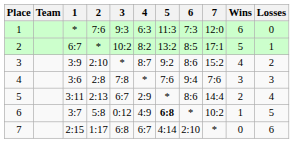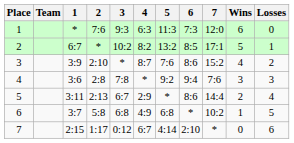 <table class="wikitable" style="text-align:center;">
 <tr>
 <th>Place</th>
 <th>Team</th>
 <th width="25">1</th>
 <th width="25">2</th>
 <th width="25">3</th>
 <th width="25">4</th>
 <th width="25">5</th>
 <th width="25">6</th>
 <th width="25">7</th>
 <th>Wins</th>
 <th>Losses</th>
 </tr>
 <tr bgcolor=#cfc>
 <td>1</td>
 <td align=left></td>
 <td>*</td>
 <td>7:6</td>
 <td>9:3</td>
 <td>6:3</td>
 <td>11:3</td>
 <td>7:3</td>
 <td>12:0</td>
 <td>6</td>
 <td>0</td>
 </tr>
 <tr bgcolor=#cfc>
 <td>2</td>
 <td align=left></td>
 <td>6:7</td>
 <td>*</td>
 <td>10:2</td>
 <td>8:2</td>
 <td>13:2</td>
 <td>8:5</td>
 <td>17:1</td>
 <td>5</td>
 <td>1</td>
 </tr>
 <tr>
 <td>3</td>
 <td align=left></td>
 <td>3:9</td>
 <td>2:10</td>
 <td>*</td>
 <td>8:7</td>
-<td>9:2</td>
+<td>7:6</td>
 <td>8:6</td>
 <td>15:2</td>
 <td>4</td>
 <td>2</td>
 </tr>
 <tr>
 <td>4</td>
 <td align=left></td>
 <td>3:6</td>
 <td>2:8</td>
 <td>7:8</td>
 <td>*</td>
-<td>7:6</td>
+<td>9:2</td>
 <td>9:4</td>
 <td>7:6</td>
 <td>3</td>
 <td>3</td>
 </tr>
 <tr>
 <td>5</td>
 <td align=left></td>
 <td>3:11</td>
 <td>2:13</td>
 <td>6:7</td>
 <td>2:9</td>
 <td>*</td>
 <td>8:6</td>
 <td>14:4</td>
 <td>2</td>
 <td>4</td>
 </tr>
 <tr>
 <td>6</td>
 <td align=left></td>
 <td>3:7</td>
 <td>5:8</td>
-<td>0:12</td>
+<td>6:8</td>
 <td>4:9</td>
-<td><strong>6:8</strong></td>
+<td>6:8</td>
 <td>*</td>
 <td>10:2</td>
 <td>1</td>
 <td>5</td>
 </tr>
 <tr>
 <td>7</td>
 <td align=left></td>
 <td>2:15</td>
 <td>1:17</td>
-<td>6:8</td>
+<td>0:12</td>
 <td>6:7</td>
 <td>4:14</td>
 <td>2:10</td>
 <td>*</td>
 <td>0</td>
 <td>6</td>
 </tr>
 </table>
